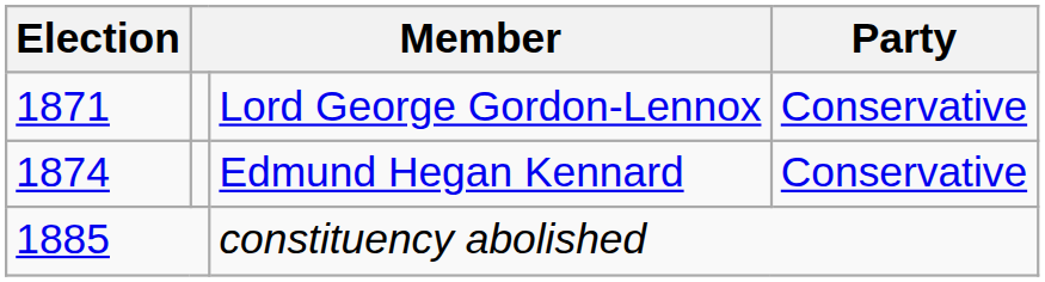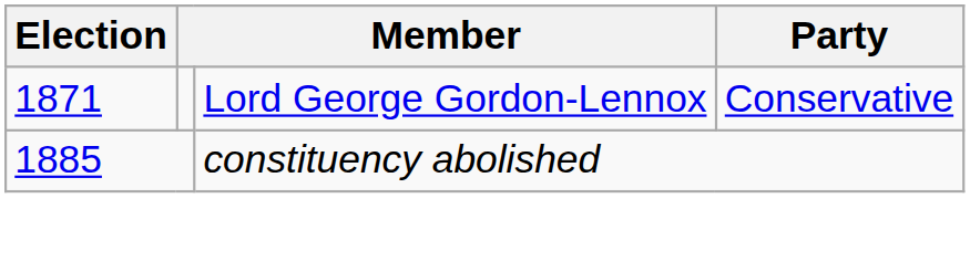 <table class="wikitable">
 <tr>
 <th>Election</th>
 <th colspan="2">Member</th>
 <th>Party</th>
 </tr>
 <tr>
 <td><a href='#'>1871</a></td>
 <td style="color:inherit;background-color: "></td>
 <td><a href='#'>Lord George Gordon-Lennox</a></td>
 <td><a href='#'>Conservative</a></td>
 </tr>
 <tr>
-<td><a href='#'>1874</a></td>
-<td style="color:inherit;background-color: "></td>
-<td><a href='#'>Edmund Hegan Kennard</a></td>
-<td><a href='#'>Conservative</a></td>
-</tr>
-<tr>
 <td colspan="2"><a href='#'>1885</a></td>
 <td colspan="2"><em>constituency abolished</em></td>
 </tr>
 </table>
